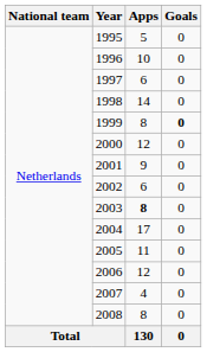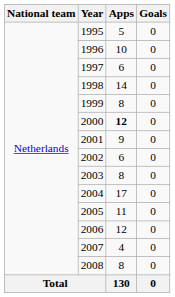 <table class="wikitable" style="text-align:center">
 <tr>
 <th>National team</th>
 <th>Year</th>
 <th>Apps</th>
 <th>Goals</th>
 </tr>
 <tr>
 <td rowspan="14"><a href='#'>Netherlands</a></td>
 <td>1995</td>
 <td>5</td>
 <td>0</td>
 </tr>
 <tr>
 <td>1996</td>
 <td>10</td>
 <td>0</td>
 </tr>
 <tr>
 <td>1997</td>
 <td>6</td>
 <td>0</td>
 </tr>
 <tr>
 <td>1998</td>
 <td>14</td>
 <td>0</td>
 </tr>
 <tr>
 <td>1999</td>
 <td>8</td>
-<td><strong>0</strong></td>
+<td>0</td>
 </tr>
 <tr>
 <td>2000</td>
-<td>12</td>
+<td><strong>12</strong></td>
 <td>0</td>
 </tr>
 <tr>
 <td>2001</td>
 <td>9</td>
 <td>0</td>
 </tr>
 <tr>
 <td>2002</td>
 <td>6</td>
 <td>0</td>
 </tr>
 <tr>
 <td>2003</td>
-<td><strong>8</strong></td>
+<td>8</td>
 <td>0</td>
 </tr>
 <tr>
 <td>2004</td>
 <td>17</td>
 <td>0</td>
 </tr>
 <tr>
 <td>2005</td>
 <td>11</td>
 <td>0</td>
 </tr>
 <tr>
 <td>2006</td>
 <td>12</td>
 <td>0</td>
 </tr>
 <tr>
 <td>2007</td>
 <td>4</td>
 <td>0</td>
 </tr>
 <tr>
 <td>2008</td>
 <td>8</td>
 <td>0</td>
 </tr>
 <tr>
 <th colspan="2">Total</th>
 <th>130</th>
 <th>0</th>
 </tr>
 </table>
